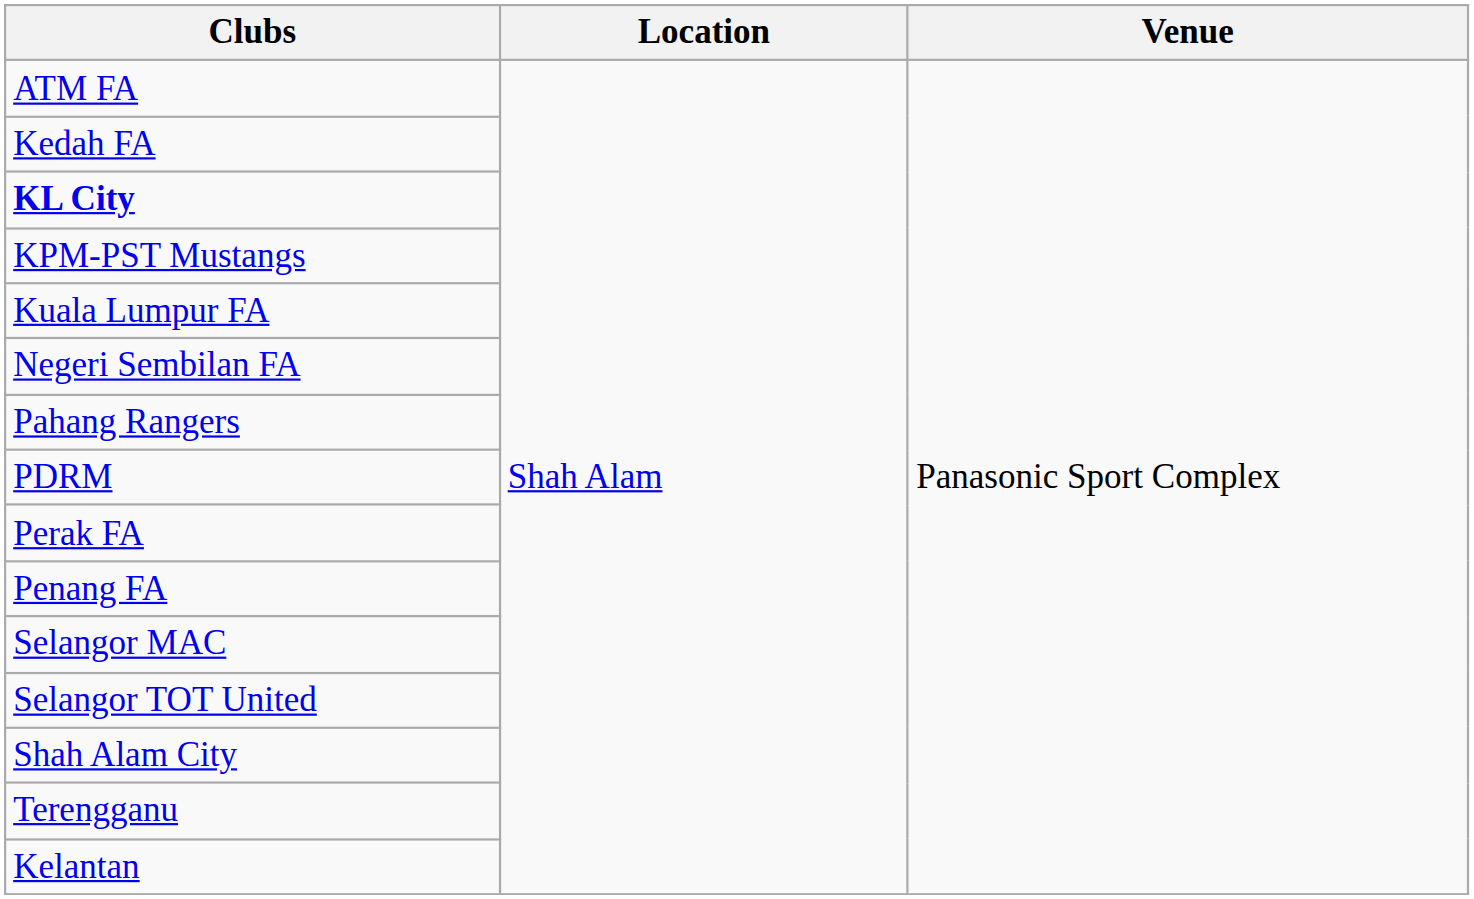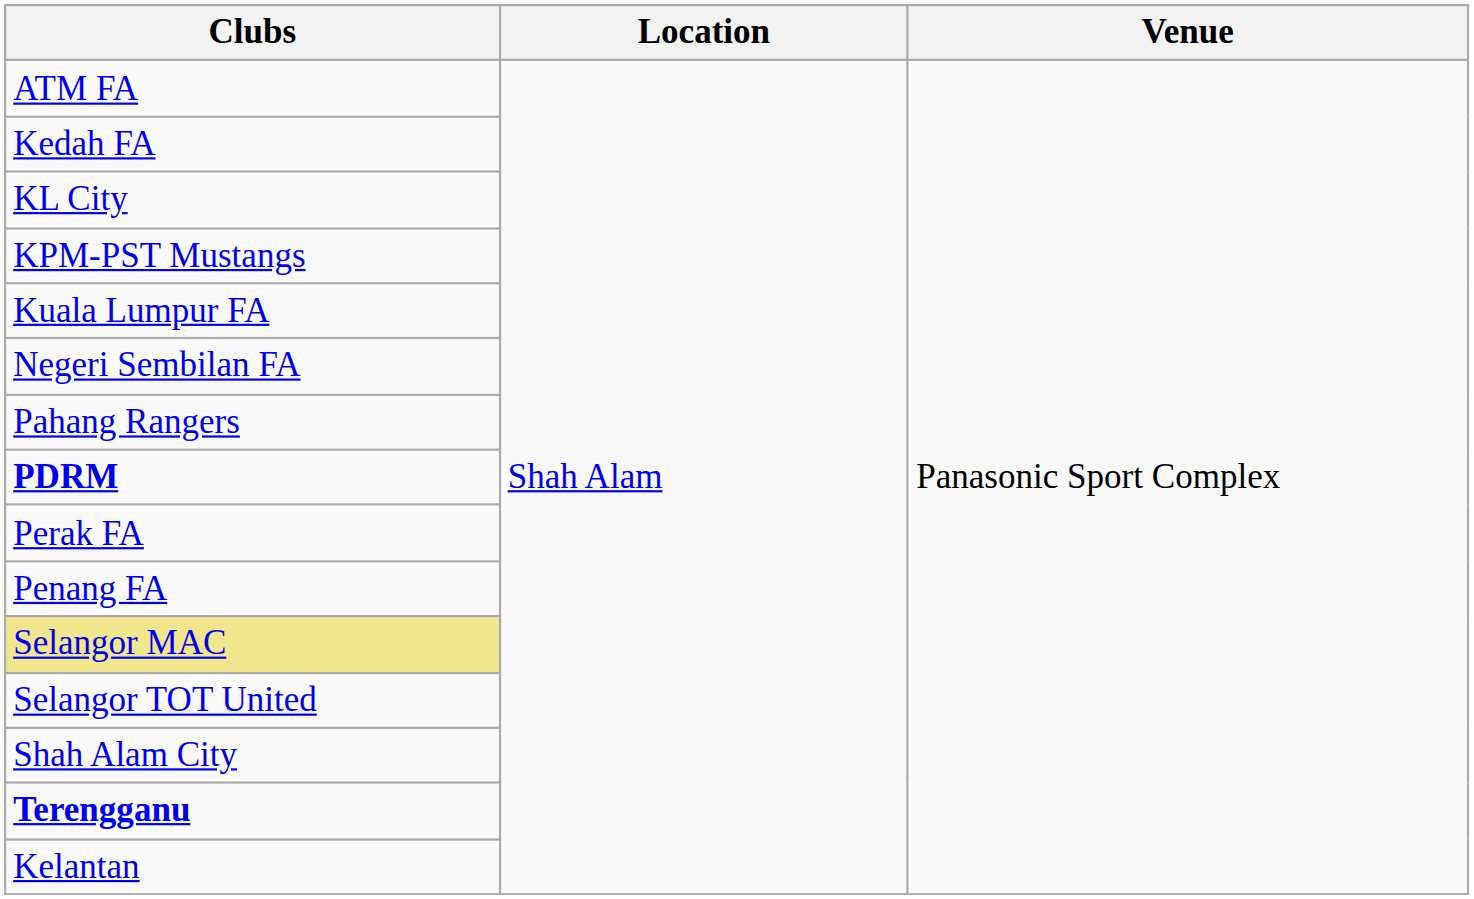 <table class="wikitable sortable">
 <tr>
 <th style="width:23%">Clubs</th>
 <th style="width:19%">Location</th>
 <th style="width:26%">Venue</th>
 </tr>
 <tr>
 <td><a href='#'>ATM FA</a></td>
 <td rowspan="15"><a href='#'>Shah Alam</a></td>
 <td rowspan="15">Panasonic Sport Complex</td>
 </tr>
 <tr>
 <td><a href='#'>Kedah FA</a></td>
 </tr>
 <tr>
-<td><strong><a href='#'>KL City</a></strong></td>
+<td><a href='#'>KL City</a></td>
 </tr>
 <tr>
 <td><a href='#'>KPM-PST Mustangs</a></td>
 </tr>
 <tr>
 <td><a href='#'>Kuala Lumpur FA</a></td>
 </tr>
 <tr>
 <td><a href='#'>Negeri Sembilan FA</a></td>
 </tr>
 <tr>
 <td><a href='#'>Pahang Rangers</a></td>
 </tr>
 <tr>
-<td><a href='#'>PDRM</a></td>
+<td><strong><a href='#'>PDRM</a></strong></td>
 </tr>
 <tr>
 <td><a href='#'>Perak FA</a></td>
 </tr>
 <tr>
 <td><a href='#'>Penang FA</a></td>
 </tr>
 <tr>
-<td><a href='#'>Selangor MAC</a></td>
+<td style="background: khaki;"><a href='#'>Selangor MAC</a></td>
 </tr>
 <tr>
 <td><a href='#'>Selangor TOT United</a></td>
 </tr>
 <tr>
 <td><a href='#'>Shah Alam City</a></td>
 </tr>
 <tr>
-<td><a href='#'>Terengganu</a></td>
+<td><strong><a href='#'>Terengganu</a></strong></td>
 </tr>
 <tr>
 <td><a href='#'>Kelantan</a></td>
 </tr>
 </table>
